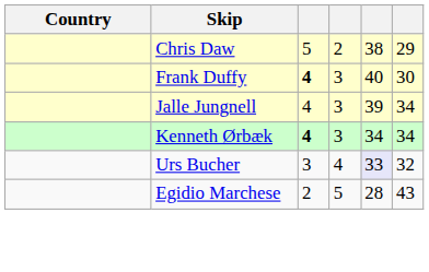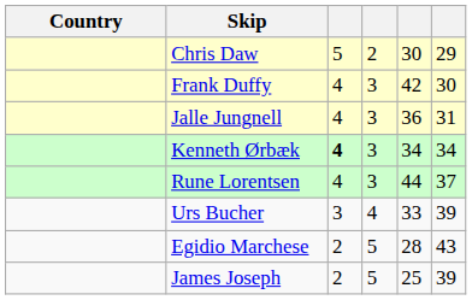 <table class=wikitable>
 <tr>
 <th width=120>Country</th>
 <th width=120>Skip</th>
 <th width=20></th>
 <th width=20></th>
 <th width=20></th>
 <th width=20></th>
 </tr>
 <tr bgcolor="#ffffcc">
 <td align=left></td>
 <td align=left><a href='#'>Chris Daw</a></td>
 <td>5</td>
 <td>2</td>
-<td>38</td>
+<td>30</td>
 <td>29</td>
 </tr>
 <tr bgcolor="#ffffcc">
 <td align=left></td>
 <td align=left><a href='#'>Frank Duffy</a></td>
-<td><strong>4</strong></td>
+<td>4</td>
 <td>3</td>
-<td>40</td>
+<td>42</td>
 <td>30</td>
 </tr>
 <tr bgcolor="#ffffcc">
 <td align=left></td>
 <td align=left><a href='#'>Jalle Jungnell</a></td>
 <td>4</td>
 <td>3</td>
-<td>39</td>
-<td>34</td>
+<td>36</td>
+<td>31</td>
 </tr>
 <tr bgcolor="#ccffcc">
 <td align=left></td>
 <td align=left><a href='#'>Kenneth Ørbæk</a></td>
 <td><strong>4</strong></td>
 <td>3</td>
 <td>34</td>
 <td>34</td>
 </tr>
+<tr bgcolor="#ccffcc">
+<td align=left></td>
+<td align=left><a href='#'>Rune Lorentsen</a></td>
+<td>4</td>
+<td>3</td>
+<td>44</td>
+<td>37</td>
+</tr>
 <tr>
 <td align=left></td>
 <td align=left><a href='#'>Urs Bucher</a></td>
 <td>3</td>
 <td>4</td>
-<td style="background: lavender;">33</td>
-<td>32</td>
+<td>33</td>
+<td>39</td>
 </tr>
 <tr>
 <td align=left></td>
 <td align=left><a href='#'>Egidio Marchese</a></td>
 <td>2</td>
 <td>5</td>
 <td>28</td>
 <td>43</td>
 </tr>
+<tr>
+<td align=left></td>
+<td align=left><a href='#'>James Joseph</a></td>
+<td>2</td>
+<td>5</td>
+<td>25</td>
+<td>39</td>
+</tr>
 </table>
